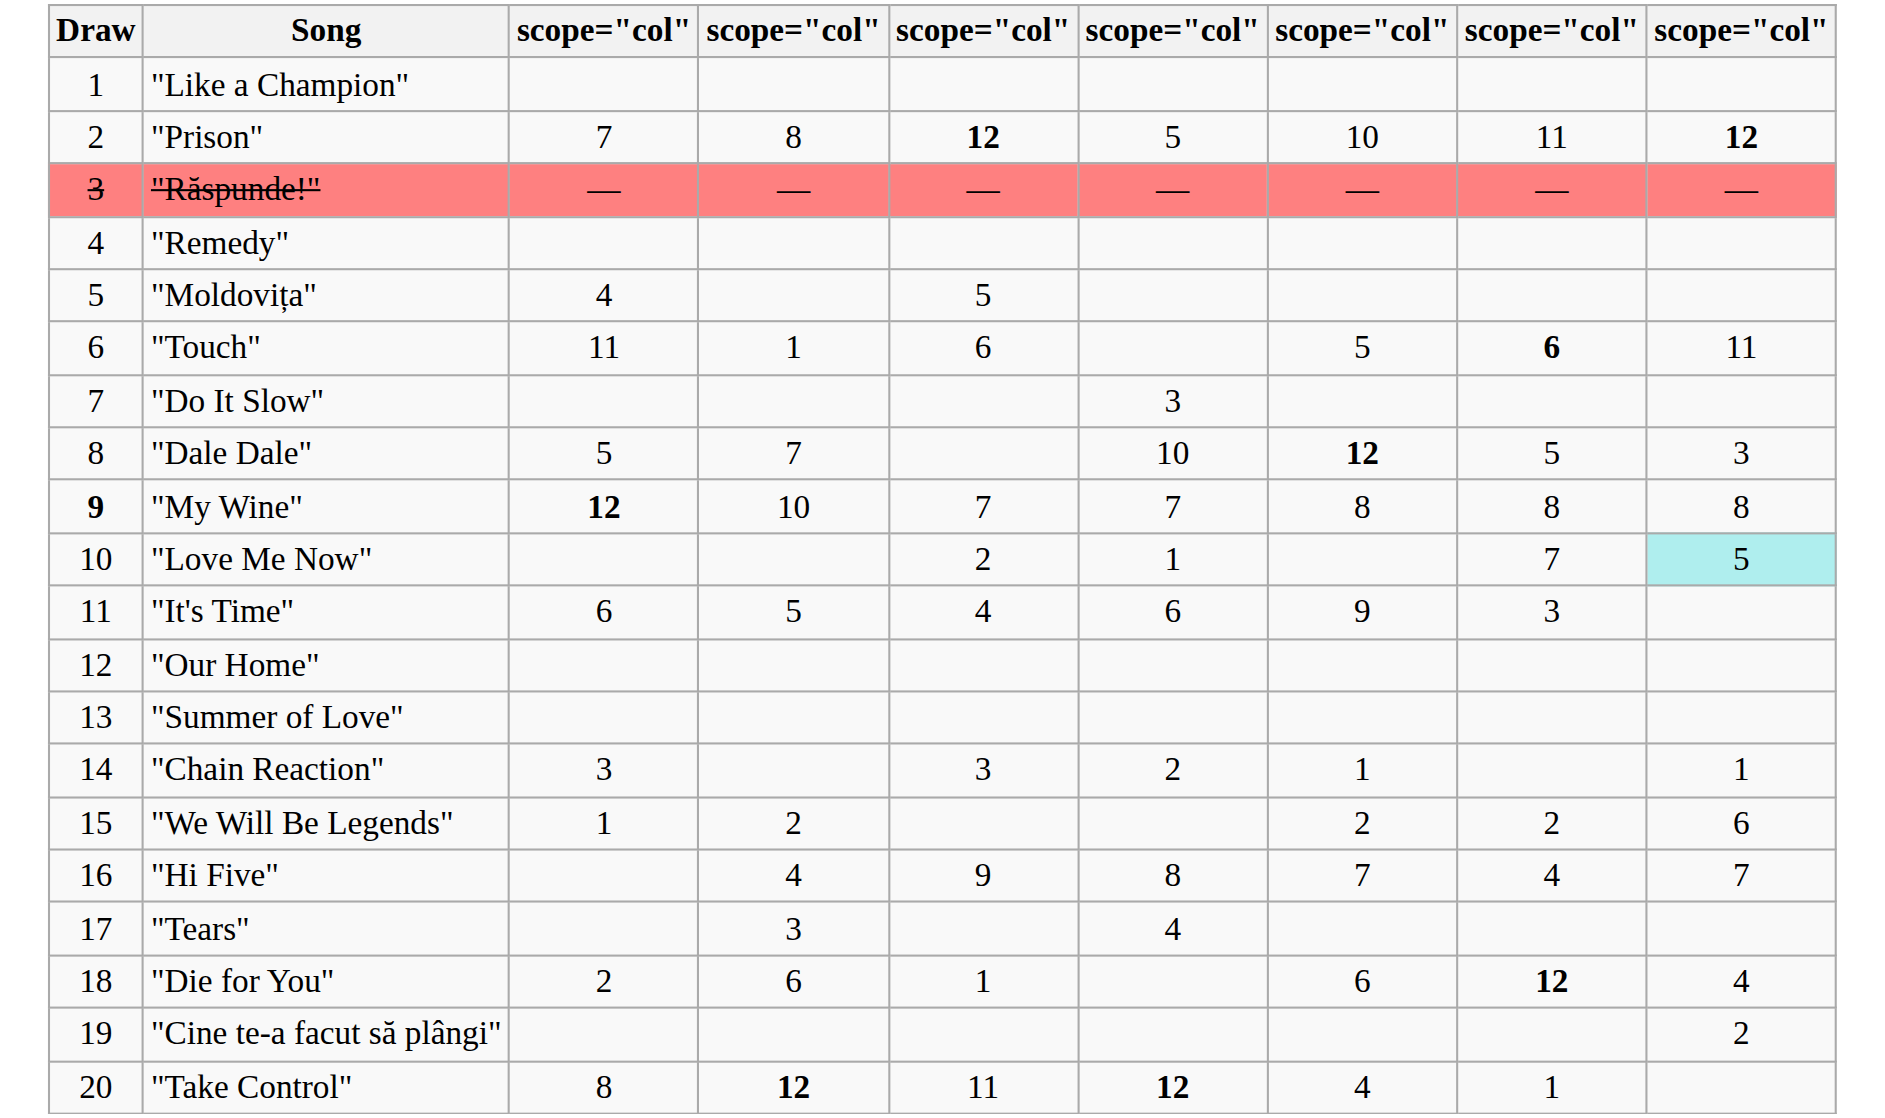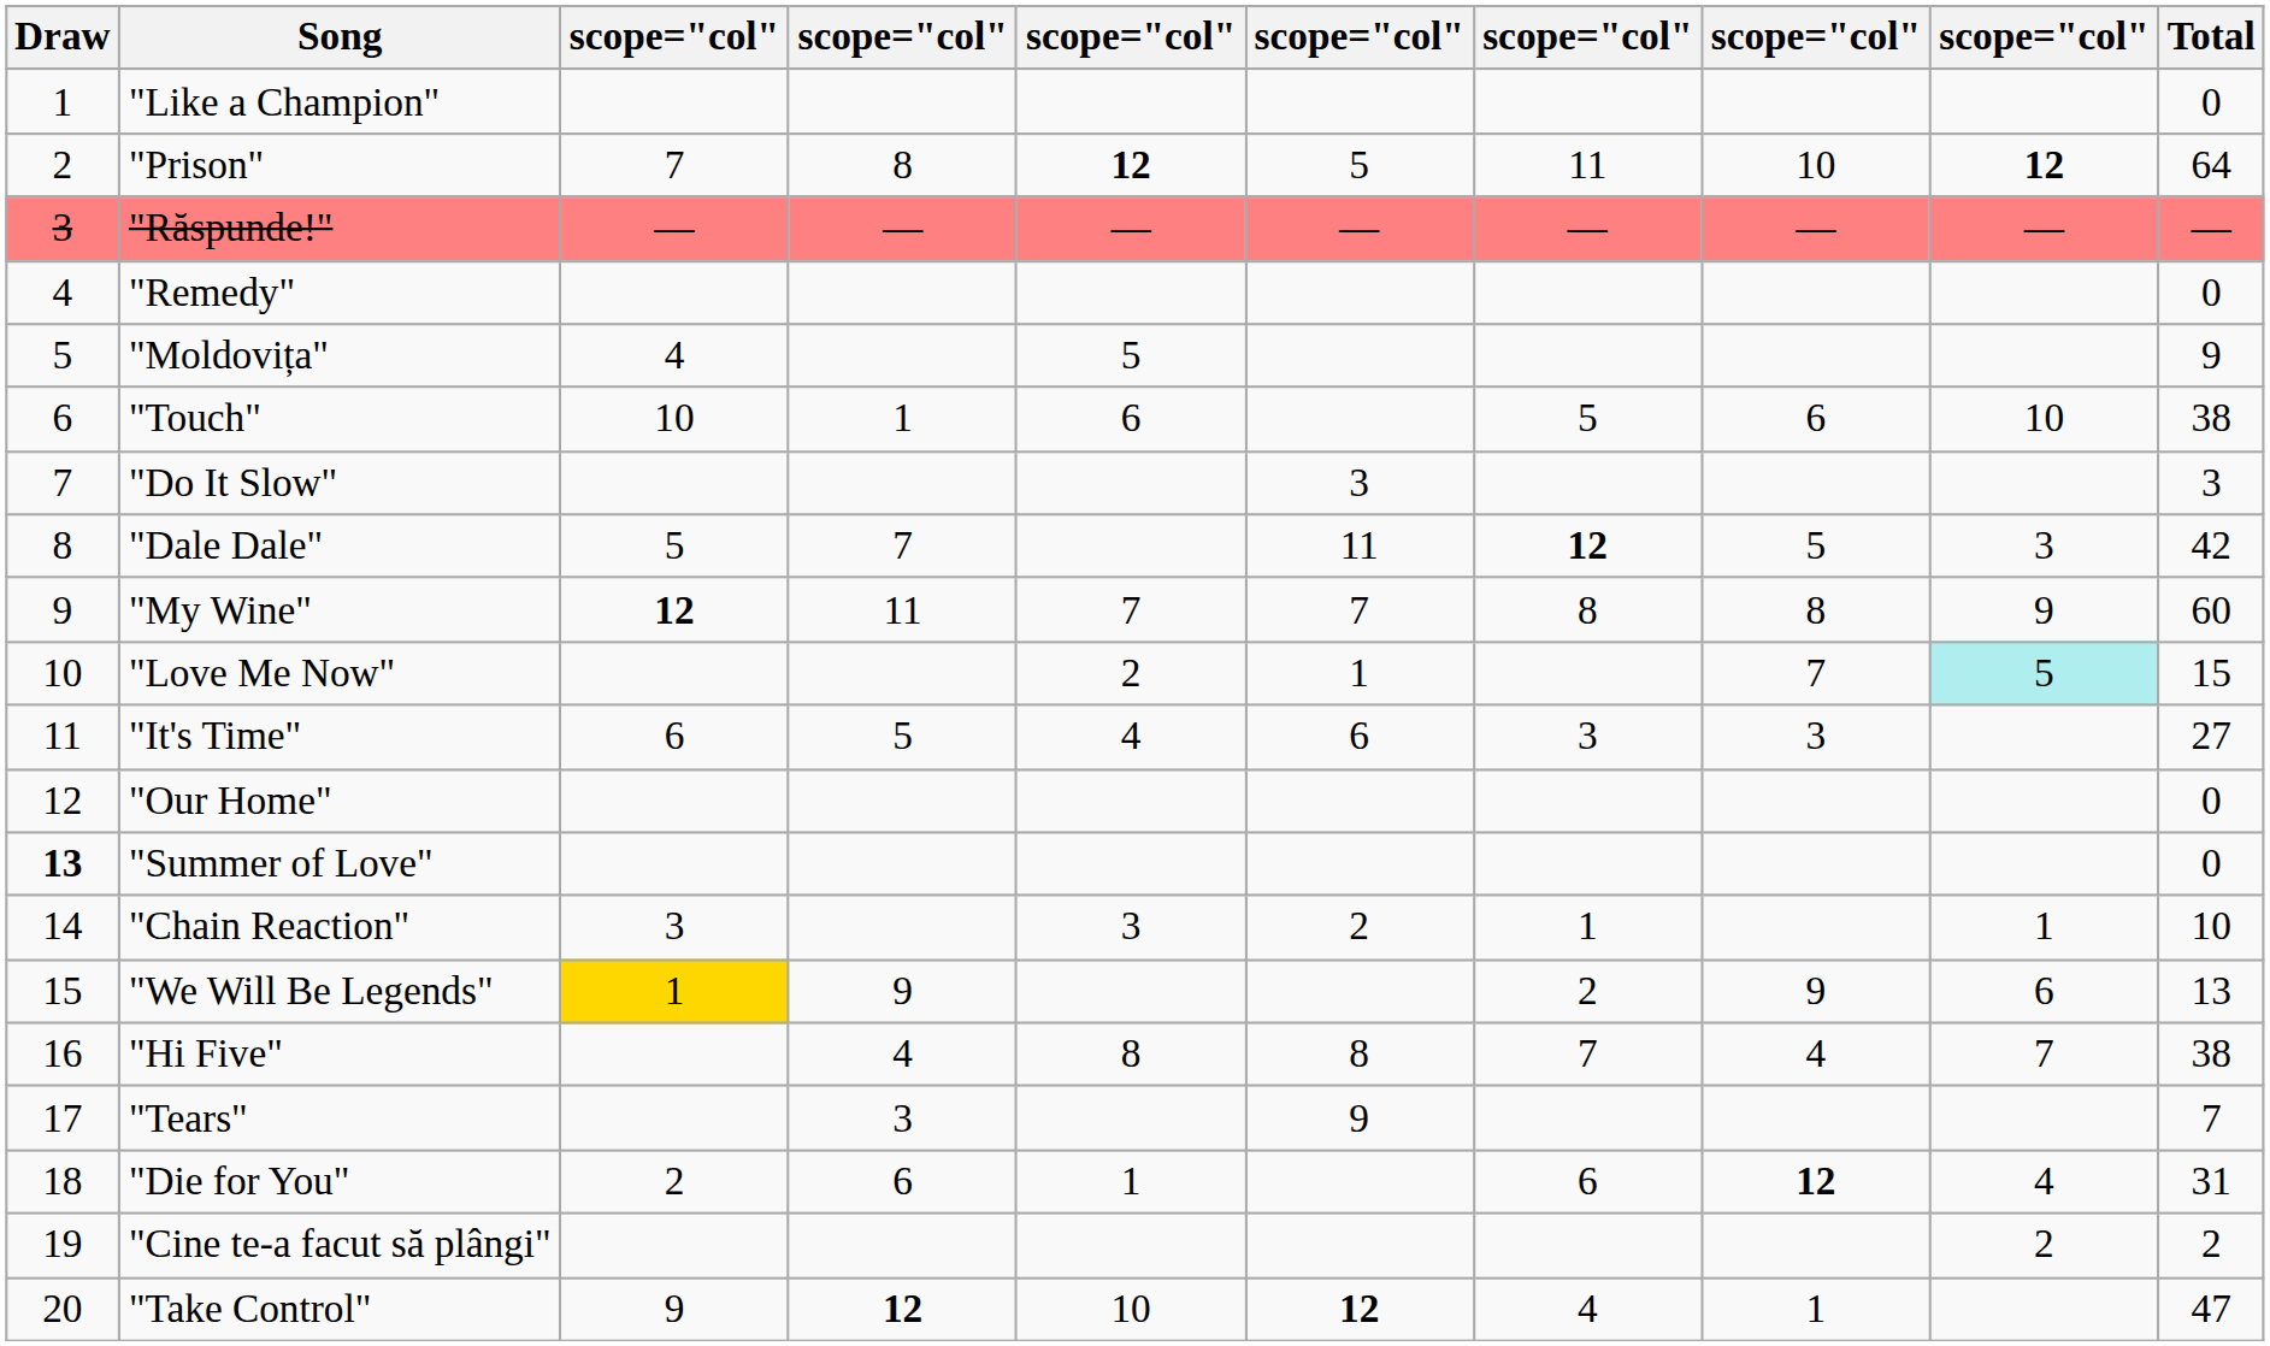 <table class="wikitable collapsible" style="margin: 1em auto 1em auto; text-align:center">
 <tr>
 <th>Draw</th>
 <th>Song</th>
 <th>scope="col" </th>
 <th>scope="col" </th>
 <th>scope="col" </th>
 <th>scope="col" </th>
 <th>scope="col" </th>
 <th>scope="col" </th>
 <th>scope="col" </th>
+<th>Total</th>
 </tr>
 <tr>
 <td>1</td>
 <td align="left">"Like a Champion"</td>
 <td></td>
 <td></td>
 <td></td>
 <td></td>
 <td></td>
 <td></td>
 <td></td>
+<td>0</td>
 </tr>
 <tr>
 <td>2</td>
 <td align="left">"Prison"</td>
 <td>7</td>
 <td>8</td>
 <td><strong>12</strong></td>
 <td>5</td>
+<td>11</td>
 <td>10</td>
-<td>11</td>
 <td><strong>12</strong></td>
+<td>64</td>
 </tr>
 <tr style="background:#fe8080;">
 <td><s>3</s></td>
 <td align="left"><s>"Răspunde!"</s></td>
+<td>—</td>
 <td>—</td>
 <td>—</td>
 <td>—</td>
 <td>—</td>
 <td>—</td>
 <td>—</td>
 <td>—</td>
 </tr>
 <tr>
 <td>4</td>
 <td align="left">"Remedy"</td>
 <td></td>
 <td></td>
 <td></td>
 <td></td>
 <td></td>
 <td></td>
 <td></td>
+<td>0</td>
 </tr>
 <tr>
 <td>5</td>
 <td align="left">"Moldovița"</td>
 <td>4</td>
 <td></td>
 <td>5</td>
 <td></td>
 <td></td>
 <td></td>
 <td></td>
+<td>9</td>
 </tr>
 <tr>
 <td>6</td>
 <td align="left">"Touch"</td>
-<td>11</td>
+<td>10</td>
 <td>1</td>
 <td>6</td>
 <td></td>
 <td>5</td>
-<td><strong>6</strong></td>
-<td>11</td>
+<td>6</td>
+<td>10</td>
+<td>38</td>
 </tr>
 <tr>
 <td>7</td>
 <td align="left">"Do It Slow"</td>
 <td></td>
 <td></td>
 <td></td>
 <td>3</td>
 <td></td>
 <td></td>
 <td></td>
+<td>3</td>
 </tr>
 <tr>
 <td>8</td>
 <td align="left">"Dale Dale"</td>
 <td>5</td>
 <td>7</td>
 <td></td>
-<td>10</td>
+<td>11</td>
 <td><strong>12</strong></td>
 <td>5</td>
 <td>3</td>
+<td>42</td>
 </tr>
 <tr>
-<td><strong>9</strong></td>
+<td>9</td>
 <td align="left">"My Wine"</td>
 <td><strong>12</strong></td>
-<td>10</td>
+<td>11</td>
 <td>7</td>
 <td>7</td>
 <td>8</td>
 <td>8</td>
-<td>8</td>
+<td>9</td>
+<td>60</td>
 </tr>
 <tr>
 <td>10</td>
 <td align="left">"Love Me Now"</td>
 <td></td>
 <td></td>
 <td>2</td>
 <td>1</td>
 <td></td>
 <td>7</td>
 <td style="background: paleturquoise;">5</td>
+<td>15</td>
 </tr>
 <tr>
 <td>11</td>
 <td align="left">"It's Time"</td>
 <td>6</td>
 <td>5</td>
 <td>4</td>
 <td>6</td>
-<td>9</td>
+<td>3</td>
 <td>3</td>
 <td></td>
+<td>27</td>
 </tr>
 <tr>
 <td>12</td>
 <td align="left">"Our Home"</td>
 <td></td>
 <td></td>
 <td></td>
 <td></td>
 <td></td>
 <td></td>
 <td></td>
+<td>0</td>
 </tr>
 <tr>
-<td>13</td>
+<td><strong>13</strong></td>
 <td align="left">"Summer of Love"</td>
 <td></td>
 <td></td>
 <td></td>
 <td></td>
 <td></td>
 <td></td>
 <td></td>
+<td>0</td>
 </tr>
 <tr>
 <td>14</td>
 <td align="left">"Chain Reaction"</td>
 <td>3</td>
 <td></td>
 <td>3</td>
 <td>2</td>
 <td>1</td>
 <td></td>
 <td>1</td>
+<td>10</td>
 </tr>
 <tr>
 <td>15</td>
 <td align="left">"We Will Be Legends"</td>
-<td>1</td>
-<td>2</td>
+<td style="background: gold;">1</td>
+<td>9</td>
 <td></td>
 <td></td>
 <td>2</td>
-<td>2</td>
+<td>9</td>
 <td>6</td>
+<td>13</td>
 </tr>
 <tr>
 <td>16</td>
 <td align="left">"Hi Five"</td>
 <td></td>
 <td>4</td>
-<td>9</td>
+<td>8</td>
 <td>8</td>
 <td>7</td>
 <td>4</td>
 <td>7</td>
+<td>38</td>
 </tr>
 <tr>
 <td>17</td>
 <td align="left">"Tears"</td>
 <td></td>
 <td>3</td>
 <td></td>
-<td>4</td>
+<td>9</td>
 <td></td>
 <td></td>
 <td></td>
+<td>7</td>
 </tr>
 <tr>
 <td>18</td>
 <td align="left">"Die for You"</td>
 <td>2</td>
 <td>6</td>
 <td>1</td>
 <td></td>
 <td>6</td>
 <td><strong>12</strong></td>
 <td>4</td>
+<td>31</td>
 </tr>
 <tr>
 <td>19</td>
 <td align="left">"Cine te-a facut să plângi"</td>
 <td></td>
 <td></td>
 <td></td>
 <td></td>
 <td></td>
 <td></td>
 <td>2</td>
+<td>2</td>
 </tr>
 <tr>
 <td>20</td>
 <td align="left">"Take Control"</td>
-<td>8</td>
+<td>9</td>
 <td><strong>12</strong></td>
-<td>11</td>
+<td>10</td>
 <td><strong>12</strong></td>
 <td>4</td>
 <td>1</td>
 <td></td>
+<td>47</td>
 </tr>
 </table>
